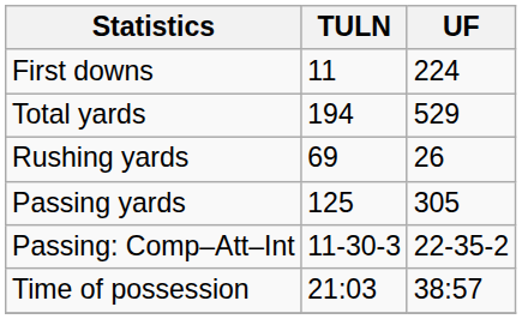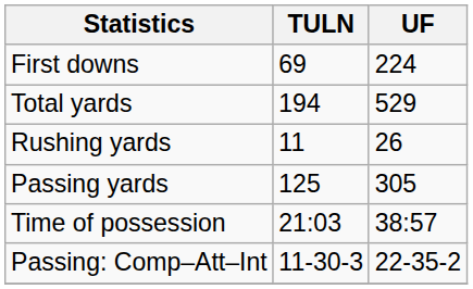 <table class="wikitable" style="float: left;">
 <tr>
 <th>Statistics</th>
 <th>TULN</th>
 <th>UF</th>
 </tr>
 <tr>
 <td>First downs</td>
-<td>11</td>
+<td>69</td>
 <td>224</td>
 </tr>
 <tr>
 <td>Total yards</td>
 <td>194</td>
 <td>529</td>
 </tr>
 <tr>
 <td>Rushing yards</td>
-<td>69</td>
+<td>11</td>
 <td>26</td>
 </tr>
 <tr>
 <td>Passing yards</td>
 <td>125</td>
 <td>305</td>
 </tr>
 <tr>
+<td>Time of possession</td>
+<td>21:03</td>
+<td>38:57</td>
+</tr>
+<tr>
 <td>Passing: Comp–Att–Int</td>
 <td>11-30-3</td>
 <td>22-35-2</td>
 </tr>
 <tr>
-<td>Time of possession</td>
-<td>21:03</td>
-<td>38:57</td>
-</tr>
-<tr>
 </tr>
 </table>
